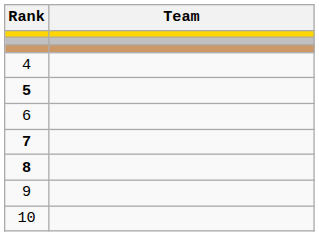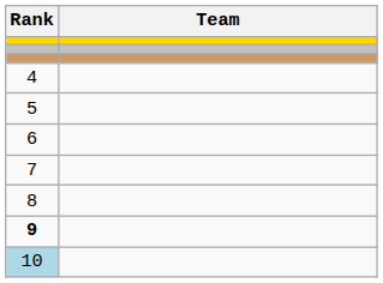 <table class="wikitable" style="border-collapse: collapse; font-size: 90%;">
 <tr>
 <th>Rank</th>
 <th align="left" style="width: 17em">Team</th>
 </tr>
 <tr bgcolor=gold>
 <td align="center"></td>
 <td></td>
 </tr>
 <tr bgcolor=silver>
 <td align="center"></td>
 <td></td>
 </tr>
 <tr bgcolor=cc9966>
 <td align="center"></td>
 <td></td>
 </tr>
 <tr>
 <td align="center">4</td>
 <td></td>
 </tr>
 <tr>
-<td align="center"><strong>5</strong></td>
+<td align="center">5</td>
 <td></td>
 </tr>
 <tr>
 <td align="center">6</td>
 <td></td>
 </tr>
 <tr>
-<td align="center"><strong>7</strong></td>
+<td align="center">7</td>
 <td></td>
 </tr>
 <tr>
-<td align="center"><strong>8</strong></td>
+<td align="center">8</td>
 <td></td>
 </tr>
 <tr>
-<td align="center">9</td>
+<td align="center"><strong>9</strong></td>
 <td></td>
 </tr>
 <tr>
-<td align="center">10</td>
+<td align="center" style="background: lightblue;">10</td>
 <td></td>
 </tr>
 </table>
